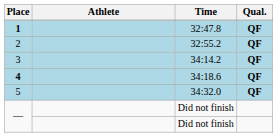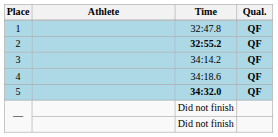 <table class=wikitable style="text-align:center">
 <tr>
 <th width=20>Place</th>
 <th width=220>Athlete</th>
 <th width=90>Time</th>
 <th width=50>Qual.</th>
 </tr>
 <tr>
 </tr>
 <tr bgcolor=lightblue>
-<td><strong>1</strong></td>
+<td>1</td>
 <td align=left></td>
 <td>32:47.8</td>
 <td><strong>QF</strong></td>
 </tr>
 <tr bgcolor=lightblue>
 <td>2</td>
 <td align=left></td>
-<td>32:55.2</td>
+<td><strong>32:55.2</strong></td>
 <td><strong>QF</strong></td>
 </tr>
 <tr bgcolor=lightblue>
 <td>3</td>
 <td align=left></td>
 <td>34:14.2</td>
 <td><strong>QF</strong></td>
 </tr>
 <tr bgcolor=lightblue>
-<td><strong>4</strong></td>
+<td>4</td>
 <td align=left></td>
 <td>34:18.6</td>
 <td><strong>QF</strong></td>
 </tr>
 <tr bgcolor=lightblue>
 <td>5</td>
 <td align=left></td>
-<td>34:32.0</td>
+<td><strong>34:32.0</strong></td>
 <td><strong>QF</strong></td>
 </tr>
 <tr>
 <td rowspan=2>—</td>
 <td align=left></td>
 <td>Did not finish</td>
 <td></td>
 </tr>
 <tr>
 <td align=left></td>
 <td>Did not finish</td>
 <td></td>
 </tr>
 </table>
